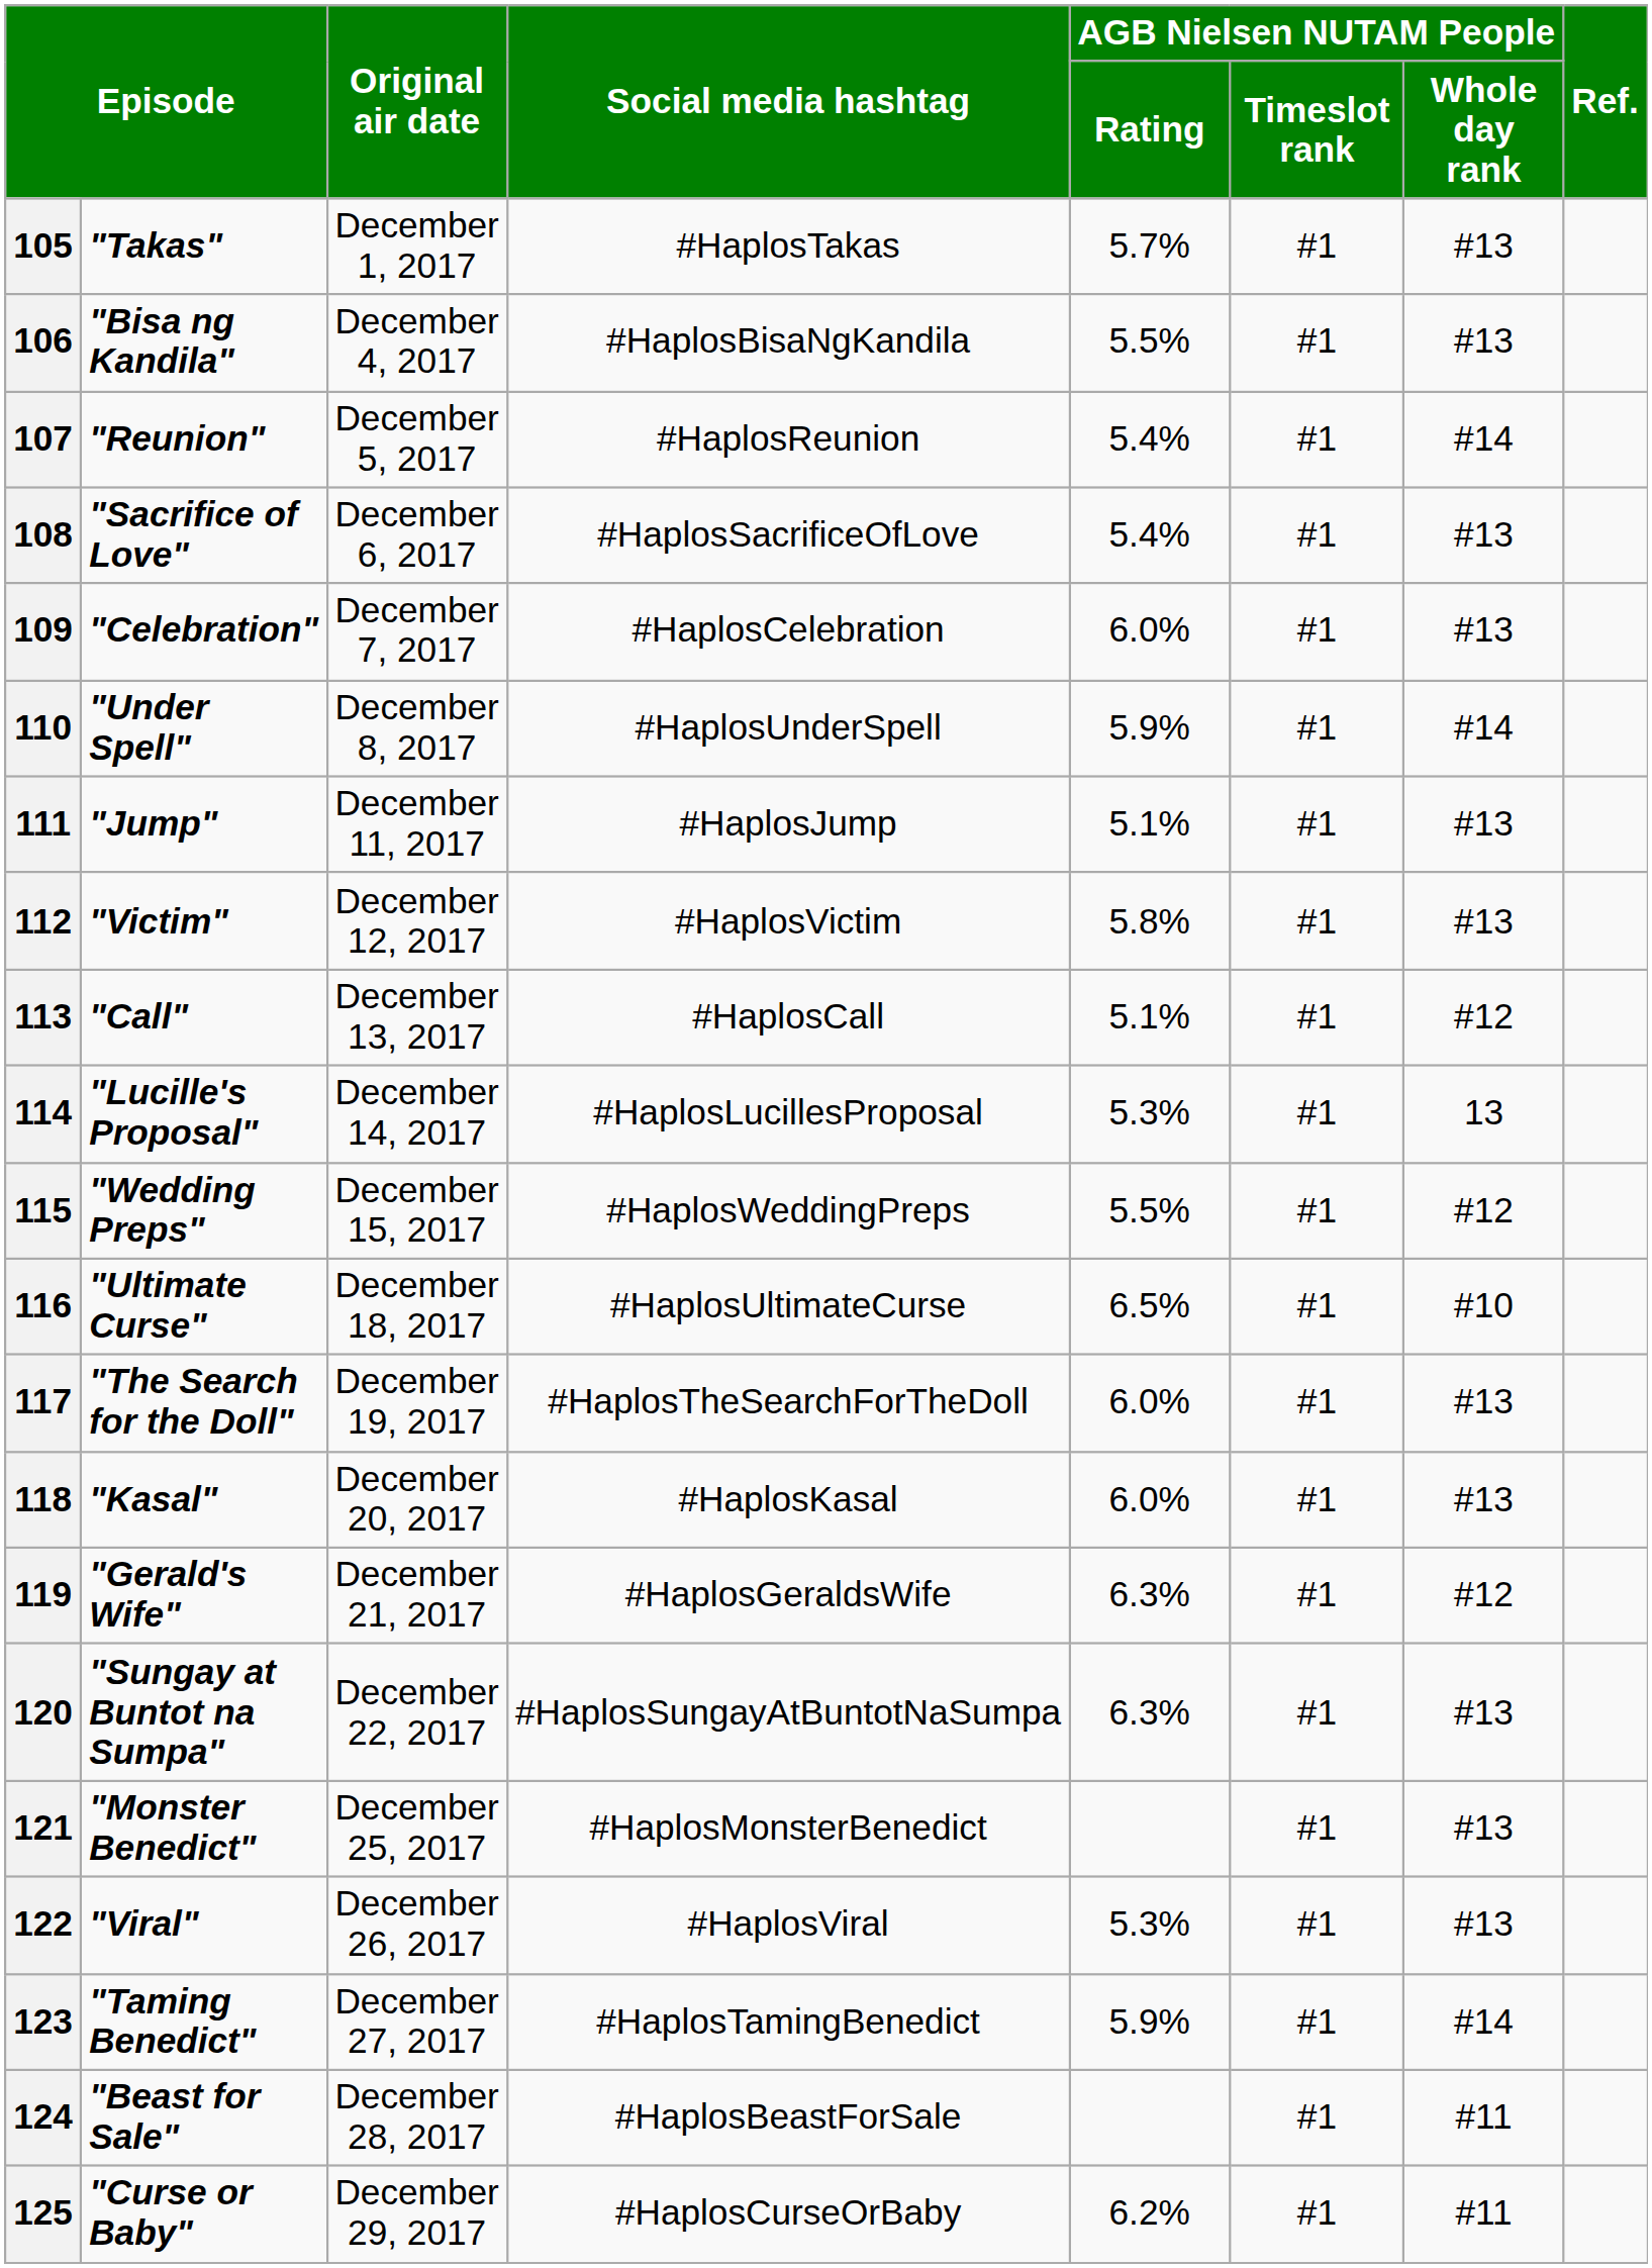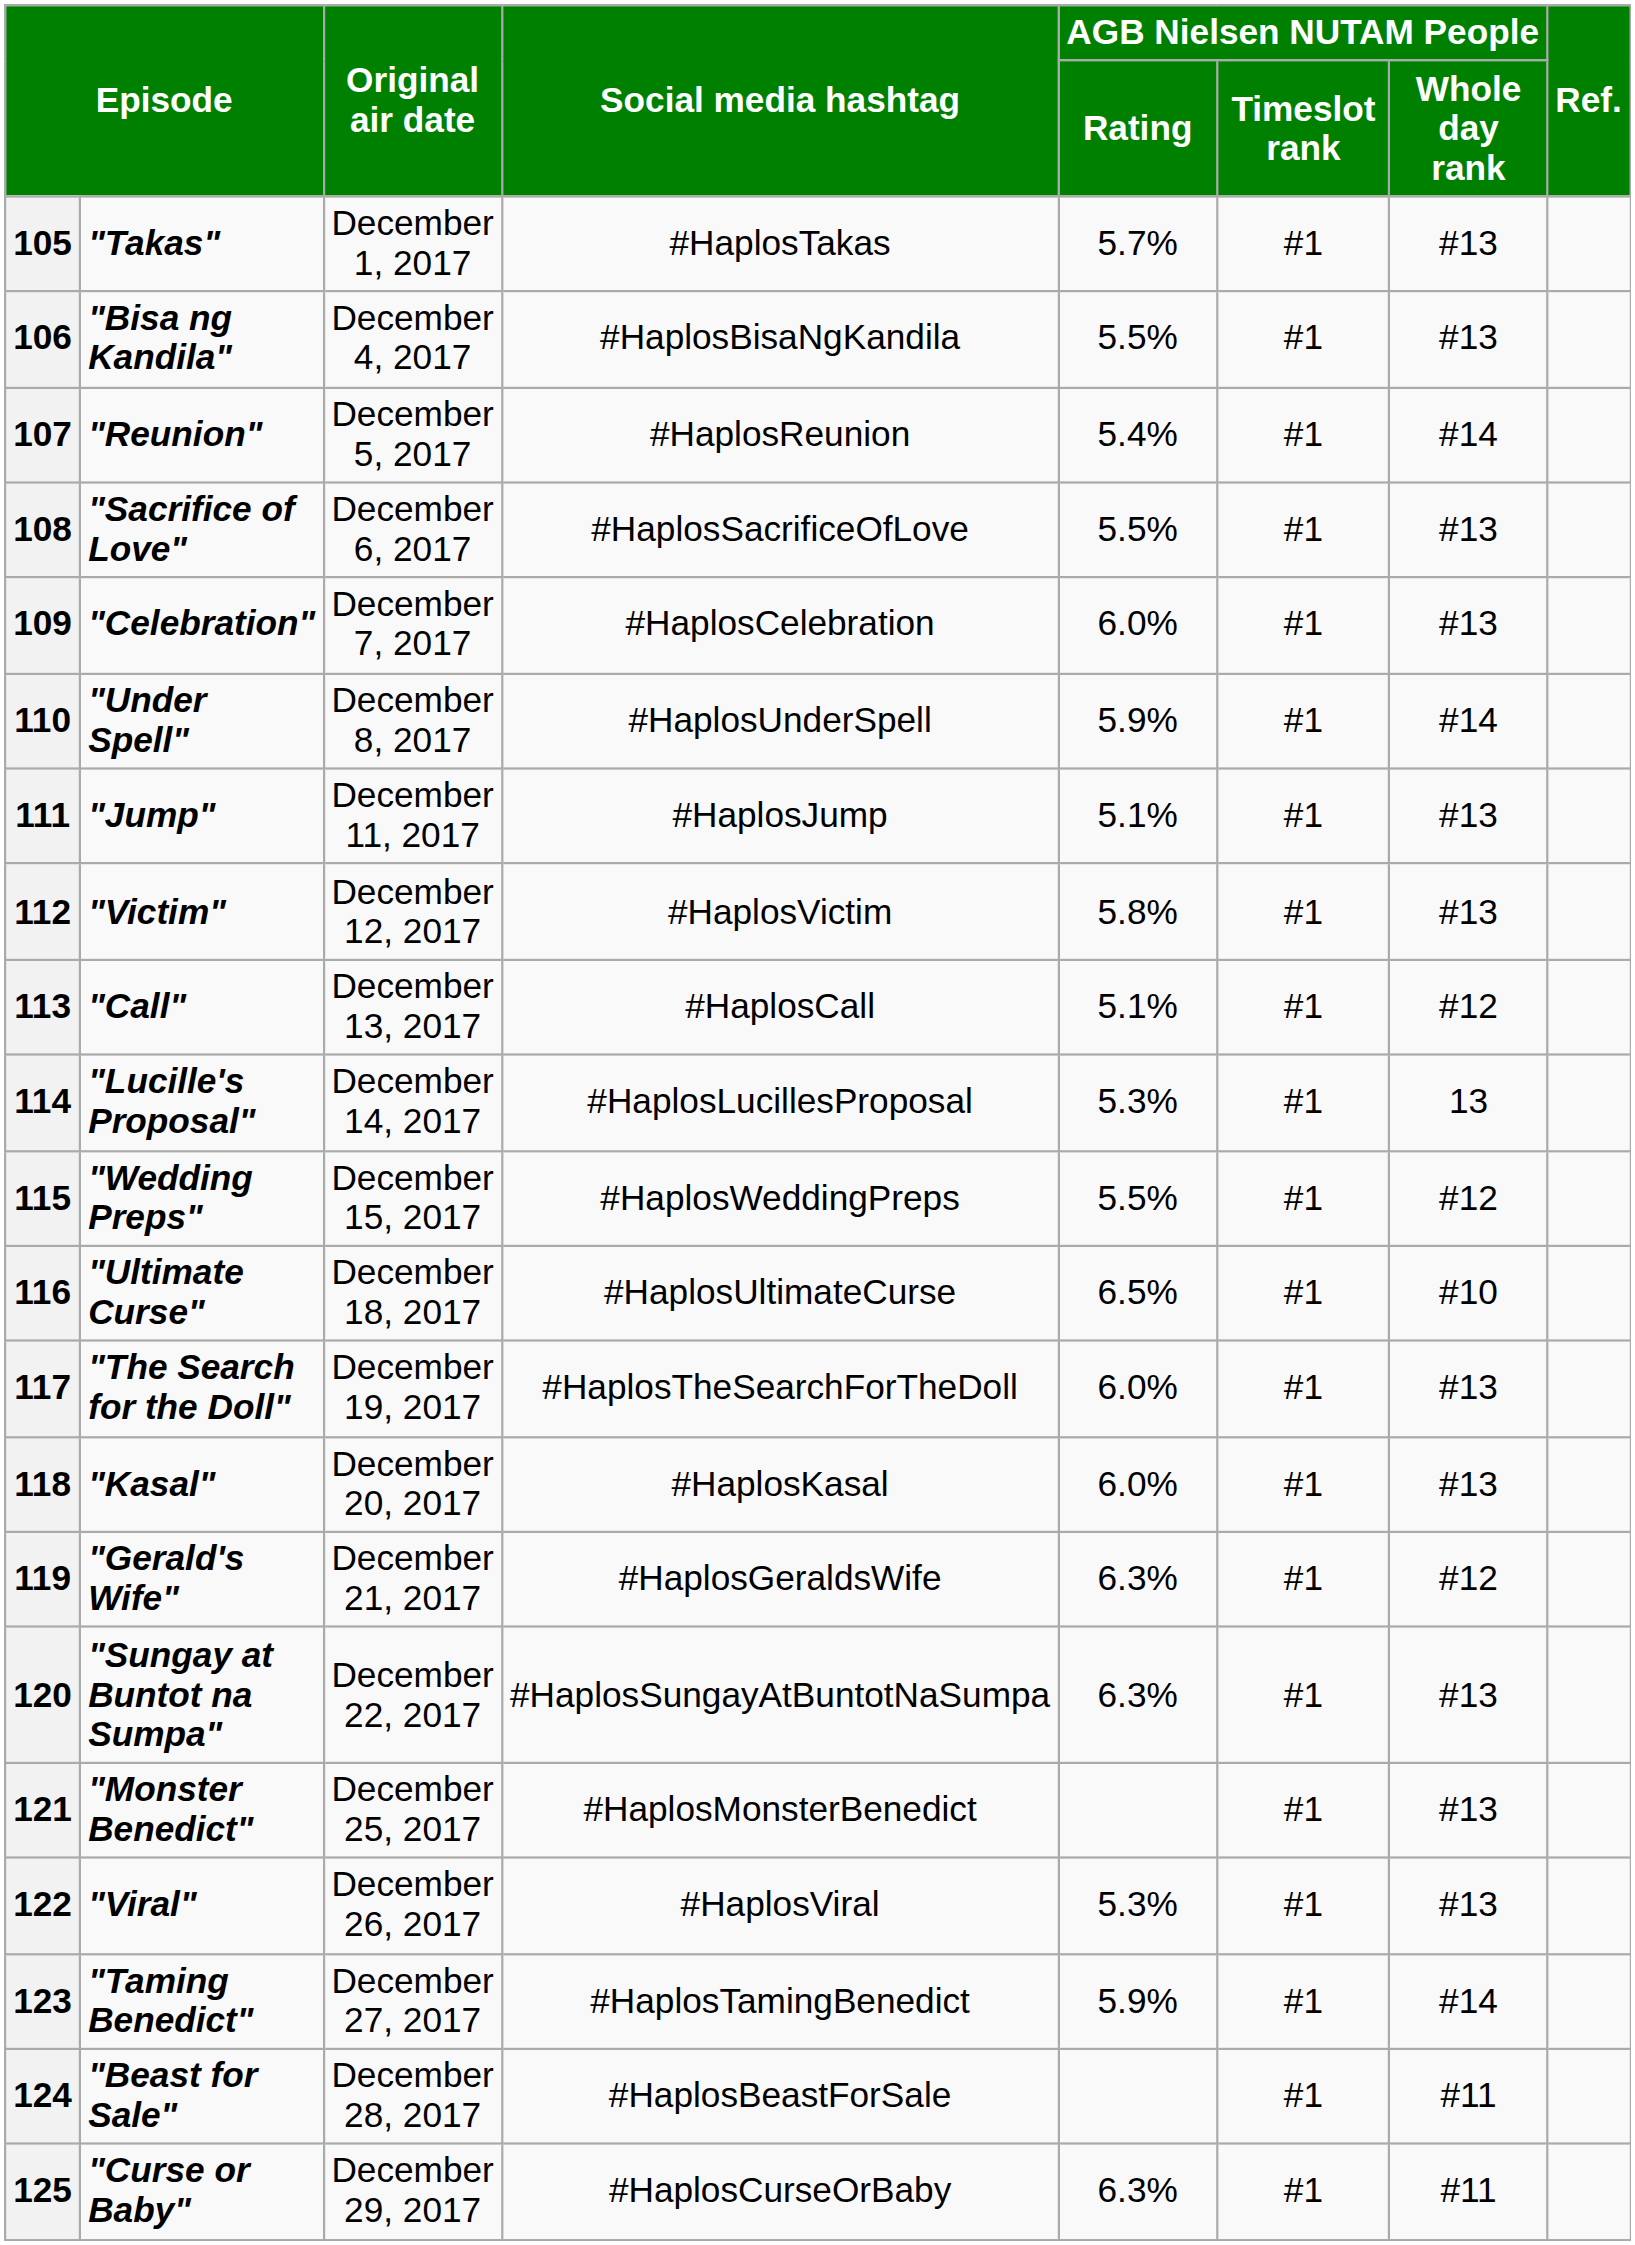 <table class="wikitable" style="text-align:center; font-size:100%; line-height:18px;"  width="100%">
 <tr>
 <th colspan="2" rowspan="2" style="background-color:#008000; color:#ffffff;">Episode</th>
 <th style="background:#008000; color:white" rowspan="2">Original air date</th>
 <th style="background:#008000; color:white" rowspan="2">Social media hashtag</th>
 <th style="background-color:#008000; color:#ffffff;" colspan="3">AGB Nielsen NUTAM People</th>
 <th style="background-color:#008000; color:#ffffff;" rowspan="2">Ref.</th>
 </tr>
 <tr>
 <th style="background-color:#008000; width:75px; color:#ffffff;">Rating</th>
 <th style="background-color:#008000; width:75px; color:#ffffff;">Timeslot<br>rank</th>
 <th style="background-color:#008000; width:75px; color:#ffffff;">Whole day<br>rank</th>
 </tr>
 <tr>
 <th>105</th>
 <td style="text-align: left;"><strong><em>"Takas"</em></strong></td>
 <td>December 1, 2017</td>
 <td>#HaplosTakas</td>
 <td>5.7%</td>
 <td>#1</td>
 <td>#13</td>
 <td></td>
 </tr>
 <tr>
 <th>106</th>
 <td style="text-align: left;"><strong><em>"Bisa ng Kandila"</em></strong></td>
 <td>December 4, 2017</td>
 <td>#HaplosBisaNgKandila</td>
 <td>5.5%</td>
 <td>#1</td>
 <td>#13</td>
 <td></td>
 </tr>
 <tr>
 <th>107</th>
 <td style="text-align: left;"><strong><em>"Reunion"</em></strong></td>
 <td>December 5, 2017</td>
 <td>#HaplosReunion</td>
 <td>5.4%</td>
 <td>#1</td>
 <td>#14</td>
 <td></td>
 </tr>
 <tr>
 <th>108</th>
 <td style="text-align: left;"><strong><em>"Sacrifice of Love"</em></strong></td>
 <td>December 6, 2017</td>
 <td>#HaplosSacrificeOfLove</td>
-<td>5.4%</td>
+<td>5.5%</td>
 <td>#1</td>
 <td>#13</td>
 <td></td>
 </tr>
 <tr>
 <th>109</th>
 <td style="text-align: left;"><strong><em>"Celebration"</em></strong></td>
 <td>December 7, 2017</td>
 <td>#HaplosCelebration</td>
 <td>6.0%</td>
 <td>#1</td>
 <td>#13</td>
 <td></td>
 </tr>
 <tr>
 <th>110</th>
 <td style="text-align: left;"><strong><em>"Under Spell"</em></strong></td>
 <td>December 8, 2017</td>
 <td>#HaplosUnderSpell</td>
 <td>5.9%</td>
 <td>#1</td>
 <td>#14</td>
 <td></td>
 </tr>
 <tr>
 <th>111</th>
 <td style="text-align: left;"><strong><em>"Jump"</em></strong></td>
 <td>December 11, 2017</td>
 <td>#HaplosJump</td>
 <td>5.1%</td>
 <td>#1</td>
 <td>#13</td>
 <td></td>
 </tr>
 <tr>
 <th>112</th>
 <td style="text-align: left;"><strong><em>"Victim"</em></strong></td>
 <td>December 12, 2017</td>
 <td>#HaplosVictim</td>
 <td>5.8%</td>
 <td>#1</td>
 <td>#13</td>
 <td></td>
 </tr>
 <tr>
 <th>113</th>
 <td style="text-align: left;"><strong><em>"Call"</em></strong></td>
 <td>December 13, 2017</td>
 <td>#HaplosCall</td>
 <td>5.1%</td>
 <td>#1</td>
 <td>#12</td>
 <td></td>
 </tr>
 <tr>
 <th>114</th>
 <td style="text-align: left;"><strong><em>"Lucille's Proposal"</em></strong></td>
 <td>December 14, 2017</td>
 <td>#HaplosLucillesProposal</td>
 <td>5.3%</td>
 <td>#1</td>
 <td>13</td>
 <td></td>
 </tr>
 <tr>
 <th>115</th>
 <td style="text-align: left;"><strong><em>"Wedding Preps"</em></strong></td>
 <td>December 15, 2017</td>
 <td>#HaplosWeddingPreps</td>
 <td>5.5%</td>
 <td>#1</td>
 <td>#12</td>
 <td></td>
 </tr>
 <tr>
 <th>116</th>
 <td style="text-align: left;"><strong><em>"Ultimate Curse"</em></strong></td>
 <td>December 18, 2017</td>
 <td>#HaplosUltimateCurse</td>
 <td>6.5%</td>
 <td>#1</td>
 <td>#10</td>
 <td></td>
 </tr>
 <tr>
 <th>117</th>
 <td style="text-align: left;"><strong><em>"The Search for the Doll"</em></strong></td>
 <td>December 19, 2017</td>
 <td>#HaplosTheSearchForTheDoll</td>
 <td>6.0%</td>
 <td>#1</td>
 <td>#13</td>
 <td></td>
 </tr>
 <tr>
 <th>118</th>
 <td style="text-align: left;"><strong><em>"Kasal"</em></strong></td>
 <td>December 20, 2017</td>
 <td>#HaplosKasal</td>
 <td>6.0%</td>
 <td>#1</td>
 <td>#13</td>
 <td></td>
 </tr>
 <tr>
 <th>119</th>
 <td style="text-align: left;"><strong><em>"Gerald's Wife"</em></strong></td>
 <td>December 21, 2017</td>
 <td>#HaplosGeraldsWife</td>
 <td>6.3%</td>
 <td>#1</td>
 <td>#12</td>
 <td></td>
 </tr>
 <tr>
 <th>120</th>
 <td style="text-align: left;"><strong><em>"Sungay at Buntot na Sumpa"</em></strong></td>
 <td>December 22, 2017</td>
 <td>#HaplosSungayAtBuntotNaSumpa</td>
 <td>6.3%</td>
 <td>#1</td>
 <td>#13</td>
 <td></td>
 </tr>
 <tr>
 <th>121</th>
 <td style="text-align: left;"><strong><em>"Monster Benedict"</em></strong></td>
 <td>December 25, 2017</td>
 <td>#HaplosMonsterBenedict</td>
 <td></td>
 <td>#1</td>
 <td>#13</td>
 <td></td>
 </tr>
 <tr>
 <th>122</th>
 <td style="text-align: left;"><strong><em>"Viral"</em></strong></td>
 <td>December 26, 2017</td>
 <td>#HaplosViral</td>
 <td>5.3%</td>
 <td>#1</td>
 <td>#13</td>
 <td></td>
 </tr>
 <tr>
 <th>123</th>
 <td style="text-align: left;"><strong><em>"Taming Benedict"</em></strong></td>
 <td>December 27, 2017</td>
 <td>#HaplosTamingBenedict</td>
 <td>5.9%</td>
 <td>#1</td>
 <td>#14</td>
 <td></td>
 </tr>
 <tr>
 <th>124</th>
 <td style="text-align: left;"><strong><em>"Beast for Sale"</em></strong></td>
 <td>December 28, 2017</td>
 <td>#HaplosBeastForSale</td>
 <td></td>
 <td>#1</td>
 <td>#11</td>
 <td></td>
 </tr>
 <tr>
 <th>125</th>
 <td style="text-align: left;"><strong><em>"Curse or Baby"</em></strong></td>
 <td>December 29, 2017</td>
 <td>#HaplosCurseOrBaby</td>
-<td>6.2%</td>
+<td>6.3%</td>
 <td>#1</td>
 <td>#11</td>
 <td></td>
 </tr>
 <tr>
 </tr>
 </table>
